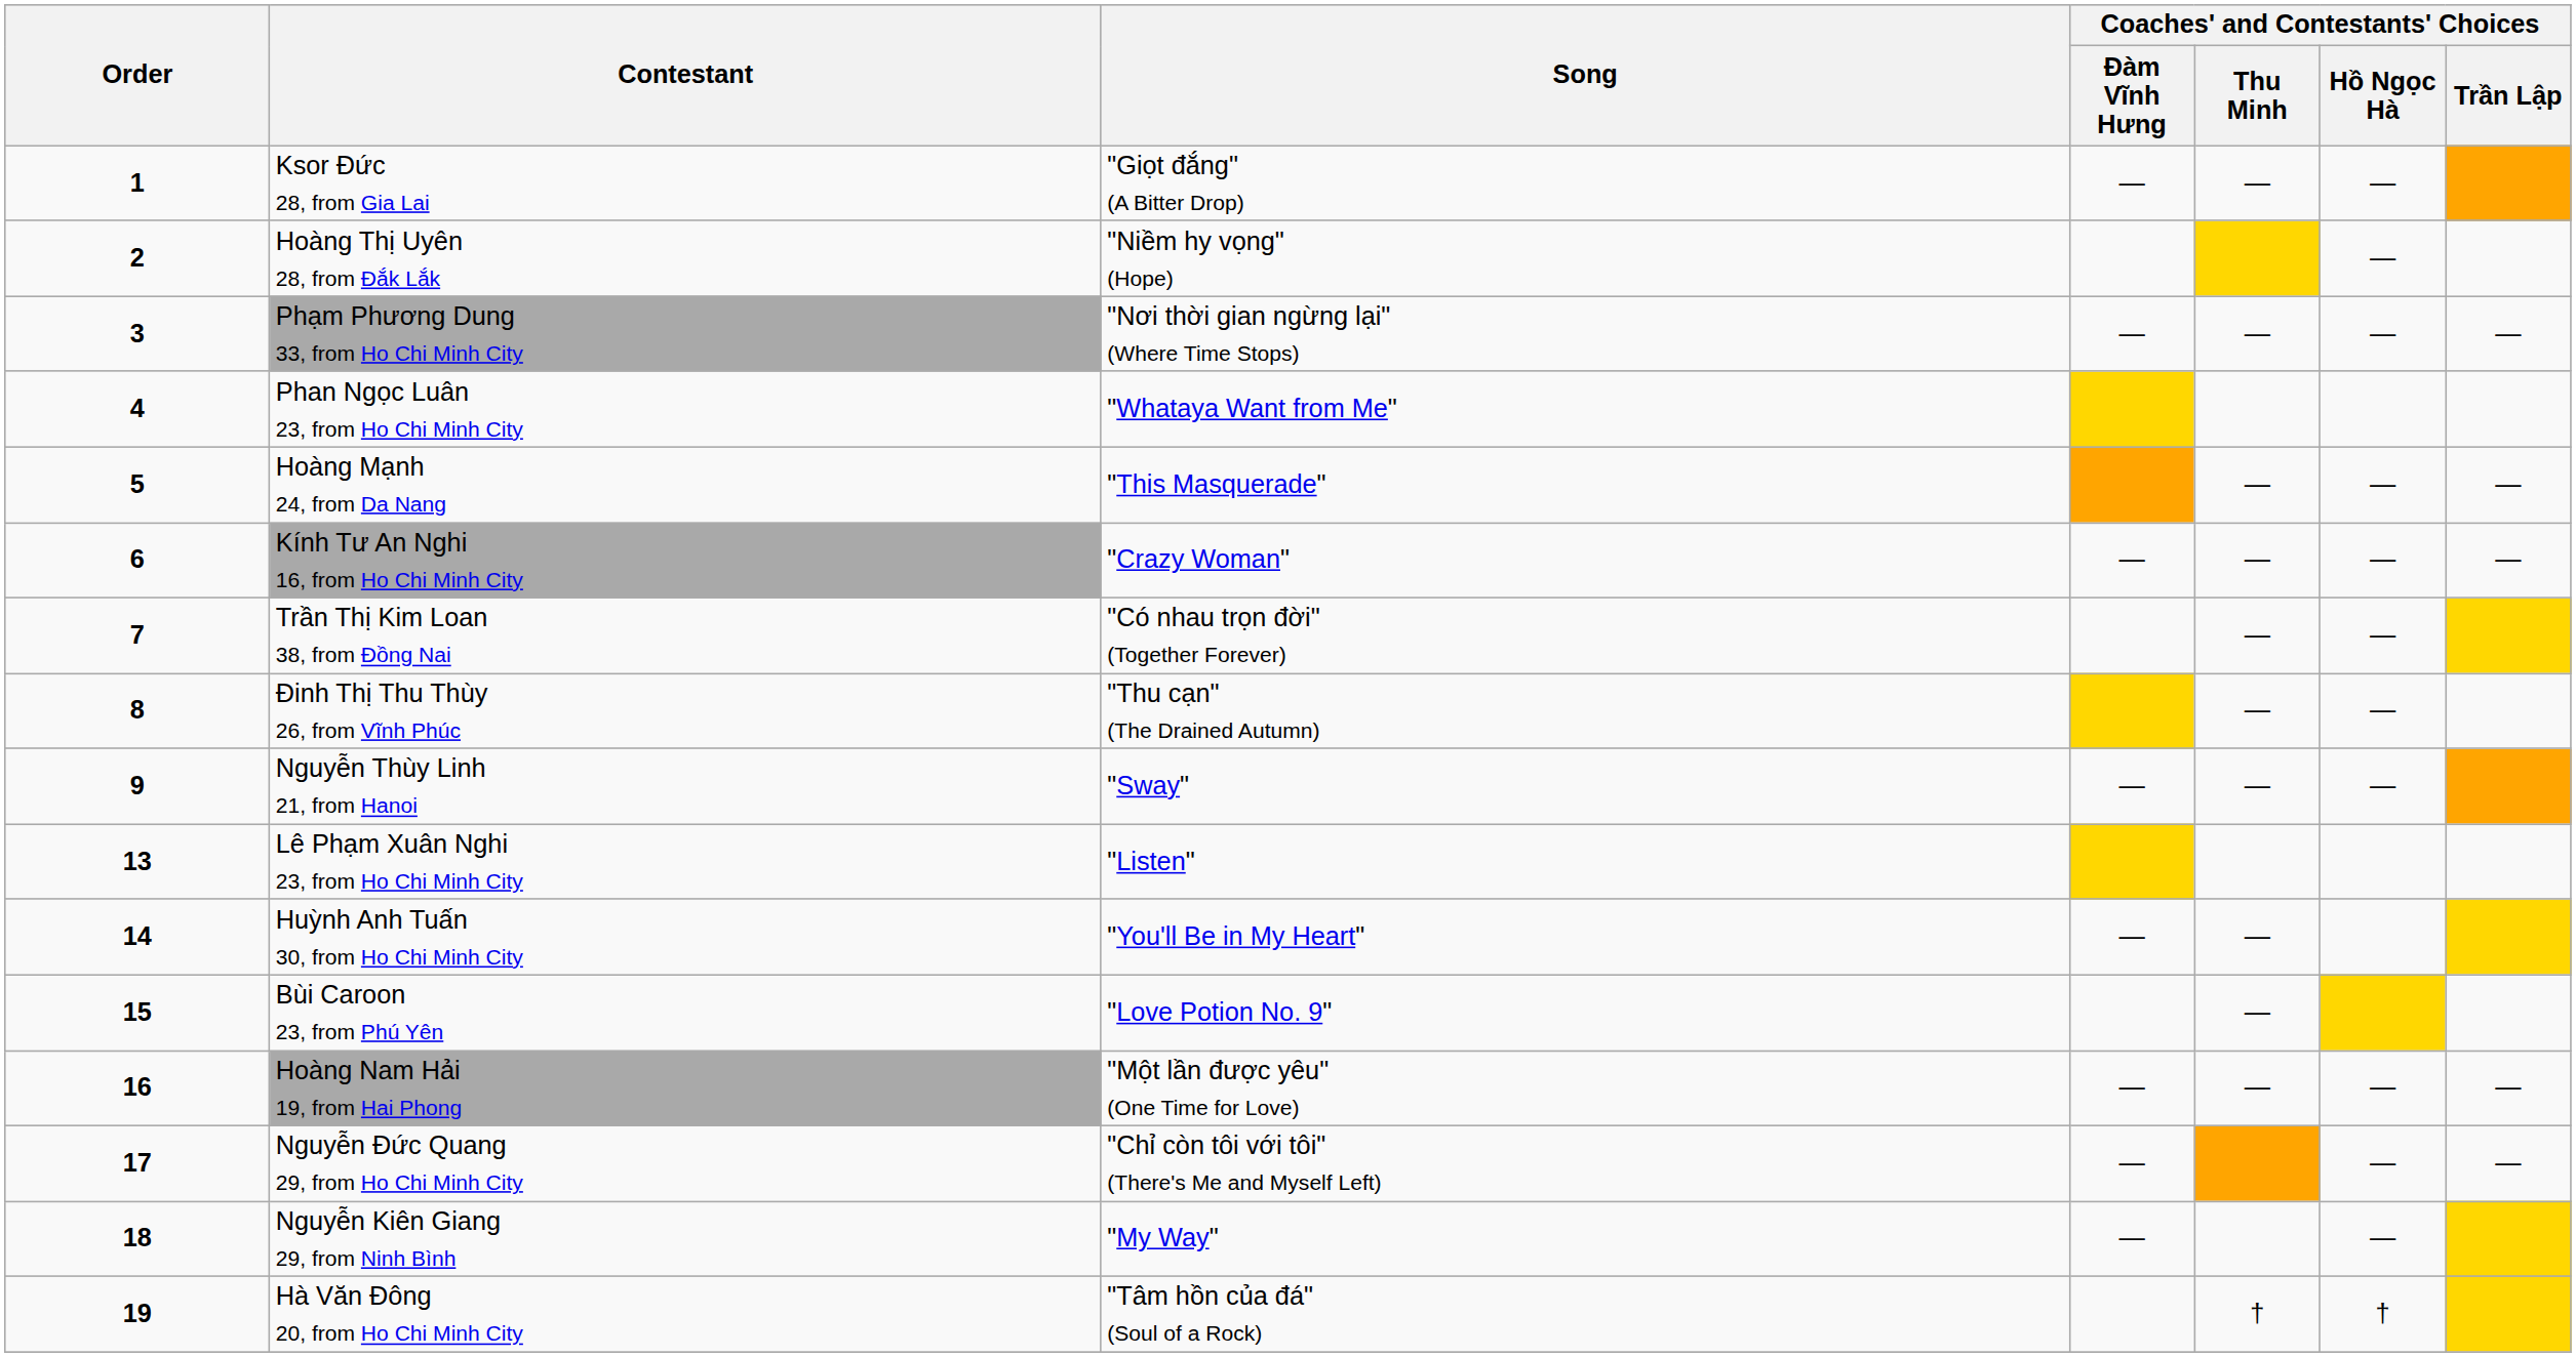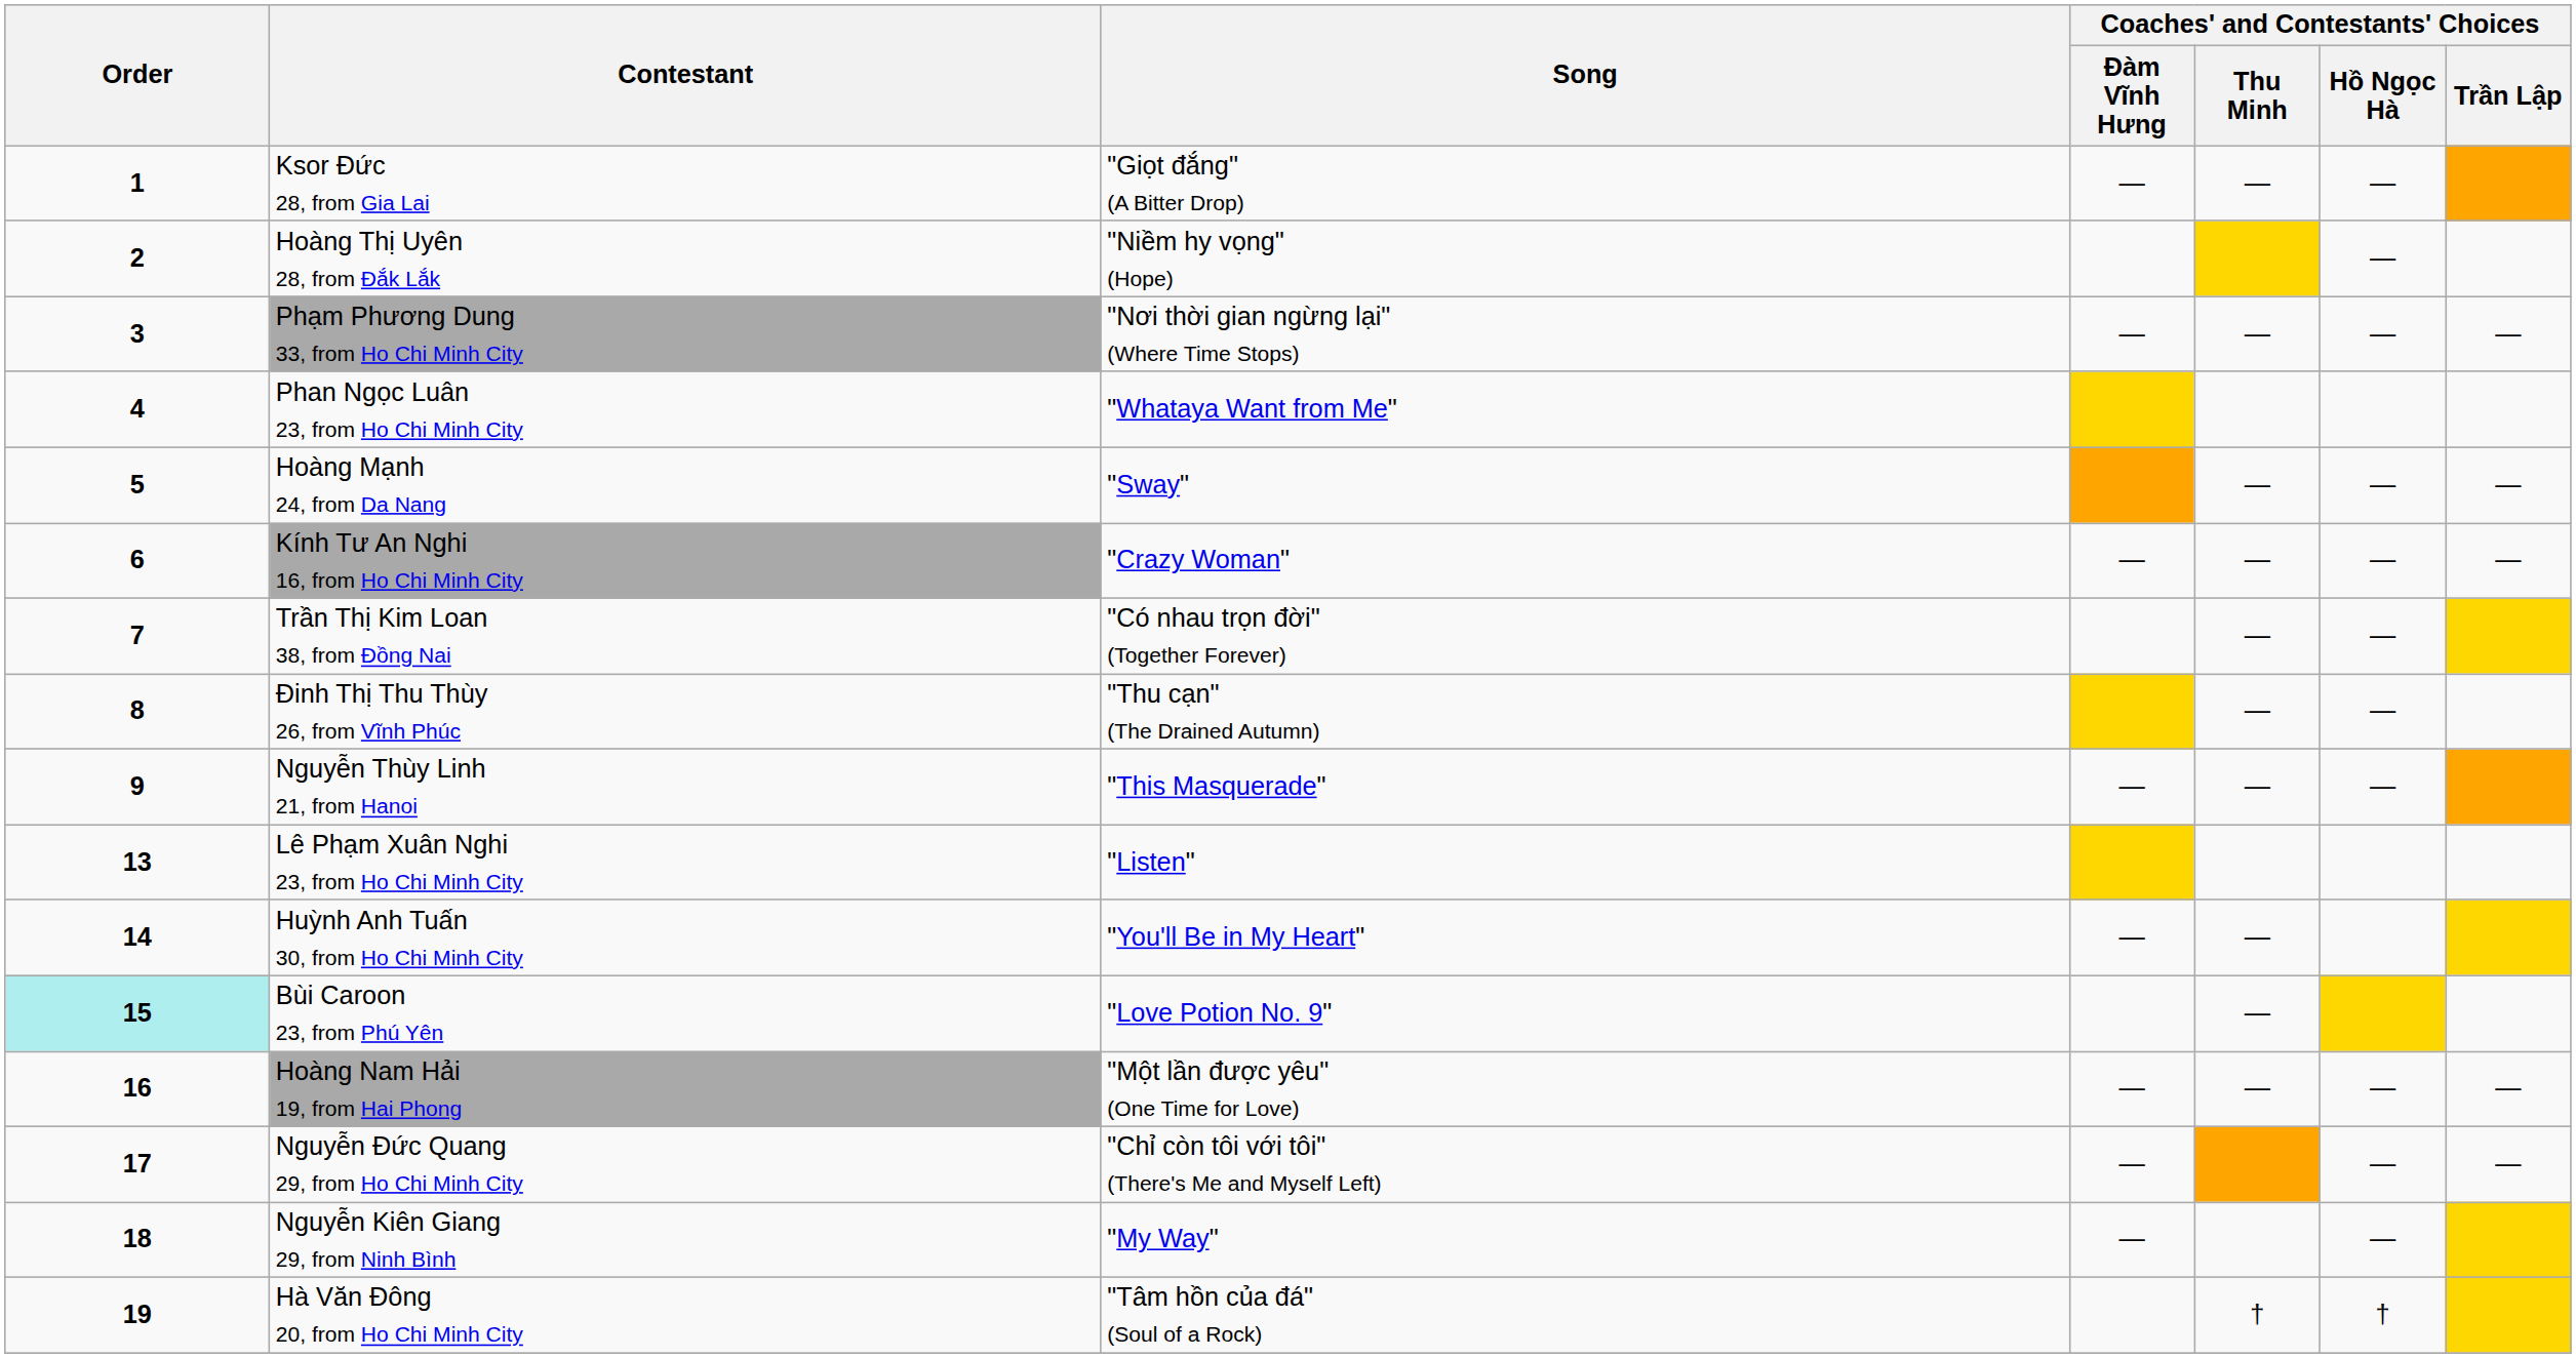 <table class="wikitable" style="width:100%;">
 <tr>
 <th rowspan=2>Order</th>
 <th rowspan=2>Contestant</th>
 <th rowspan=2>Song</th>
 <th colspan=4>Coaches' and Contestants' Choices</th>
 </tr>
 <tr>
 <th width="70">Đàm Vĩnh Hưng</th>
 <th width="70">Thu Minh</th>
 <th width="70">Hồ Ngọc Hà</th>
 <th width="70">Trần Lập</th>
 </tr>
 <tr>
 <td align="center"><strong>1</strong></td>
 <td>Ksor Đức<br><sub>28, from <a href='#'>Gia Lai</a></sub></td>
 <td>"Giọt đắng"<br><sub>(A Bitter Drop)</sub></td>
 <td align="center">—</td>
 <td align="center">—</td>
 <td align="center">—</td>
 <td style="background:orange;text-align:center;"></td>
 </tr>
 <tr>
 <td align="center"><strong>2</strong></td>
 <td>Hoàng Thị Uyên<br><sub>28, from <a href='#'>Đắk Lắk</a></sub></td>
 <td>"Niềm hy vọng"<br><sub>(Hope)</sub></td>
 <td style="text-align:center;"></td>
 <td style="background:gold;text-align:center;"></td>
 <td align="center">—</td>
 <td style="text-align:center;"></td>
 </tr>
 <tr>
 <td align="center"><strong>3</strong></td>
 <td style="background:darkgrey;text-align:left;">Phạm Phương Dung<br><sub>33, from <a href='#'>Ho Chi Minh City</a></sub></td>
 <td>"Nơi thời gian ngừng lại"<br><sub>(Where Time Stops)</sub></td>
 <td align="center">—</td>
 <td align="center">—</td>
 <td align="center">—</td>
 <td align="center">—</td>
 </tr>
 <tr>
 <td align="center"><strong>4</strong></td>
 <td>Phan Ngọc Luân<br><sub>23, from <a href='#'>Ho Chi Minh City</a></sub></td>
 <td>"<a href='#'>Whataya Want from Me</a>"</td>
 <td style="background:gold;text-align:center;"></td>
 <td style="text-align:center;"></td>
 <td style="text-align:center;"></td>
 <td style="text-align:center;"></td>
 </tr>
 <tr>
 <td align="center"><strong>5</strong></td>
 <td>Hoàng Mạnh<br><sub>24, from <a href='#'>Da Nang</a></sub></td>
-<td>"<a href='#'>This Masquerade</a>"</td>
+<td>"<a href='#'>Sway</a>"</td>
 <td style="background:orange;text-align:center;"></td>
 <td align="center">—</td>
 <td align="center">—</td>
 <td align="center">—</td>
 </tr>
 <tr>
 <td align="center"><strong>6</strong></td>
 <td style="background:darkgrey;text-align:left;">Kính Tư An Nghi<br><sub>16, from <a href='#'>Ho Chi Minh City</a></sub></td>
 <td>"<a href='#'>Crazy Woman</a>"</td>
 <td align="center">—</td>
 <td align="center">—</td>
 <td align="center">—</td>
 <td align="center">—</td>
 </tr>
 <tr>
 <td align="center"><strong>7</strong></td>
 <td>Trần Thị Kim Loan<br><sub>38, from <a href='#'>Đồng Nai</a></sub></td>
 <td>"Có nhau trọn đời"<br><sub>(Together Forever)</sub></td>
 <td style="text-align:center;"></td>
 <td align="center">—</td>
 <td align="center">—</td>
 <td style="background:gold;text-align:center;"></td>
 </tr>
 <tr>
 <td align="center"><strong>8</strong></td>
 <td>Đinh Thị Thu Thùy<br><sub>26, from <a href='#'>Vĩnh Phúc</a></sub></td>
 <td>"Thu cạn"<br><sub>(The Drained Autumn)</sub></td>
 <td style="background:gold;text-align:center;"></td>
 <td align="center">—</td>
 <td align="center">—</td>
 <td style="text-align:center;"></td>
 </tr>
 <tr>
 <td align="center"><strong>9</strong></td>
 <td>Nguyễn Thùy Linh<br><sub>21, from <a href='#'>Hanoi</a></sub></td>
-<td>"<a href='#'>Sway</a>"</td>
+<td>"<a href='#'>This Masquerade</a>"</td>
 <td align="center">—</td>
 <td align="center">—</td>
 <td align="center">—</td>
 <td style="background:orange;text-align:center;"></td>
 </tr>
 <tr>
 <td align="center"><strong>13</strong></td>
 <td>Lê Phạm Xuân Nghi<br><sub>23, from <a href='#'>Ho Chi Minh City</a></sub></td>
 <td>"<a href='#'>Listen</a>"</td>
 <td style="background:gold;text-align:center;"></td>
 <td style="text-align:center;"></td>
 <td style="text-align:center;"></td>
 <td style="text-align:center;"></td>
 </tr>
 <tr>
 <td align="center"><strong>14</strong></td>
 <td>Huỳnh Anh Tuấn<br><sub>30, from <a href='#'>Ho Chi Minh City</a></sub></td>
 <td>"<a href='#'>You'll Be in My Heart</a>"</td>
 <td align="center">—</td>
 <td align="center">—</td>
 <td style="text-align:center;"></td>
 <td style="background:gold;text-align:center;"></td>
 </tr>
 <tr>
-<td align="center"><strong>15</strong></td>
+<td align="center" style="background: paleturquoise;"><strong>15</strong></td>
 <td>Bùi Caroon<br><sub>23, from <a href='#'>Phú Yên</a></sub></td>
 <td>"<a href='#'>Love Potion No. 9</a>"</td>
 <td style="text-align:center;"></td>
 <td align="center">—</td>
 <td style="background:gold;text-align:center;"></td>
 <td style="text-align:center;"></td>
 </tr>
 <tr>
 <td align="center"><strong>16</strong></td>
 <td style="background:darkgrey;text-align:left;">Hoàng Nam Hải<br><sub>19, from <a href='#'>Hai Phong</a></sub></td>
 <td>"Một lần được yêu"<br><sub>(One Time for Love)</sub></td>
 <td align="center">—</td>
 <td align="center">—</td>
 <td align="center">—</td>
 <td align="center">—</td>
 </tr>
 <tr>
 <td align="center"><strong>17</strong></td>
 <td>Nguyễn Đức Quang<br><sub>29, from <a href='#'>Ho Chi Minh City</a></sub></td>
 <td>"Chỉ còn tôi với tôi"<br><sub>(There's Me and Myself Left)</sub></td>
 <td align="center">—</td>
 <td style="background:orange;text-align:center;"></td>
 <td align="center">—</td>
 <td align="center">—</td>
 </tr>
 <tr>
 <td align="center"><strong>18</strong></td>
 <td>Nguyễn Kiên Giang<br><sub>29, from <a href='#'>Ninh Bình</a></sub></td>
 <td>"<a href='#'>My Way</a>"</td>
 <td align="center">—</td>
 <td style="text-align:center;"></td>
 <td align="center">—</td>
 <td style="background:gold;text-align:center;"></td>
 </tr>
 <tr>
 <td align="center"><strong>19</strong></td>
 <td>Hà Văn Đông<br><sub>20, from <a href='#'>Ho Chi Minh City</a></sub></td>
 <td>"Tâm hồn của đá"<br><sub>(Soul of a Rock)</sub></td>
 <td style="text-align:center;"></td>
 <td style="text-align:center;">†</td>
 <td style="text-align:center;">†</td>
 <td style="background:gold;text-align:center;"></td>
 </tr>
 <tr>
 </tr>
 </table>
